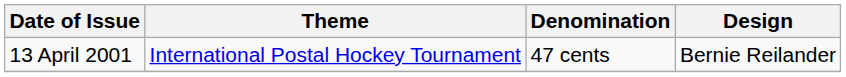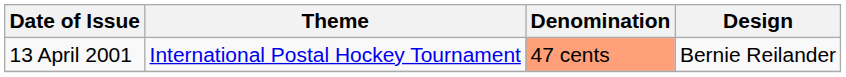 <table class="wikitable">
 <tr>
 <th>Date of Issue</th>
 <th>Theme</th>
 <th>Denomination</th>
 <th>Design</th>
 </tr>
 <tr>
 <td>13 April 2001</td>
 <td><a href='#'>International Postal Hockey Tournament</a></td>
-<td>47 cents</td>
+<td style="background: lightsalmon;">47 cents</td>
 <td>Bernie Reilander</td>
 </tr>
 <tr>
 </tr>
 </table>
